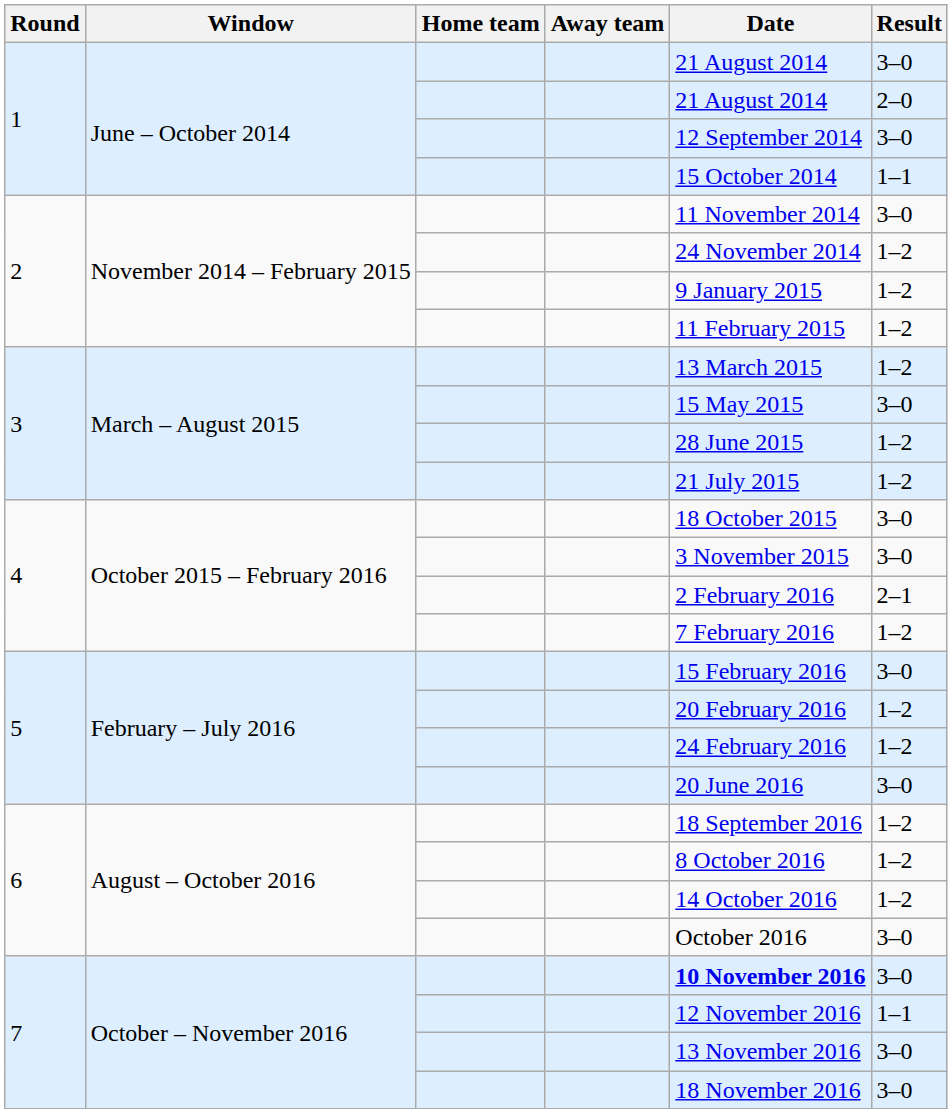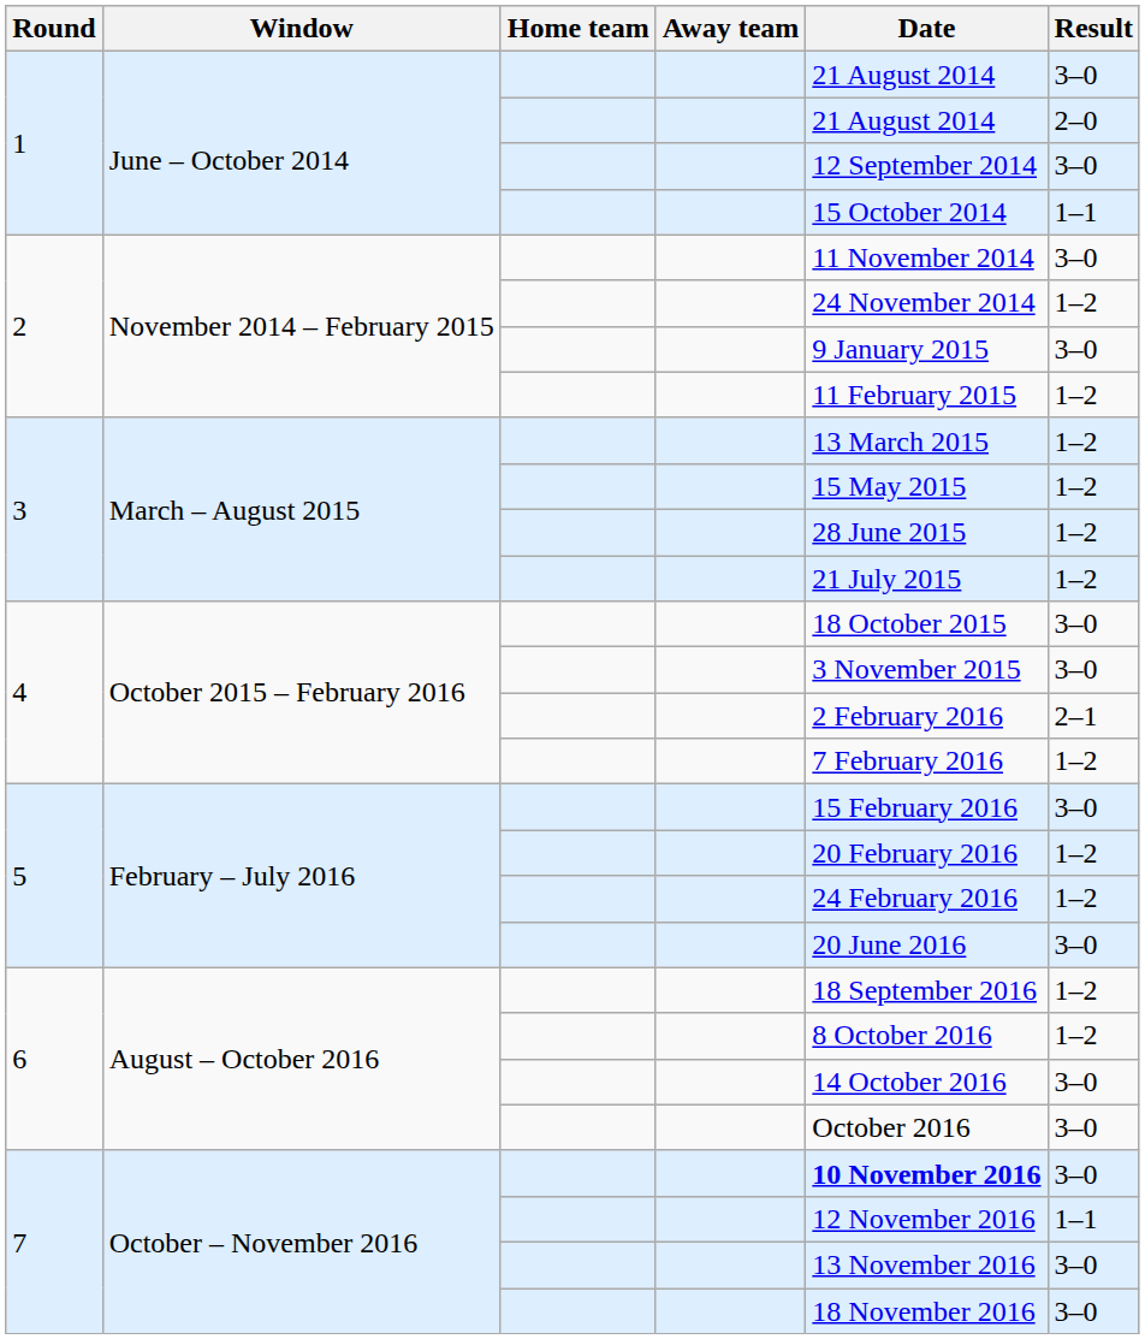 <table class="wikitable sortable">
 <tr>
 <th>Round</th>
 <th class="unsortable">Window</th>
 <th>Home team</th>
 <th>Away team</th>
 <th>Date</th>
 <th>Result</th>
 </tr>
 <tr style="background:#ddeeff">
 <td rowspan=4>1</td>
 <td rowspan=4><br>June – October 2014</td>
 <td></td>
 <td></td>
 <td><a href='#'>21 August 2014</a></td>
 <td>3–0</td>
 </tr>
 <tr style="background:#ddeeff">
 <td></td>
 <td></td>
 <td><a href='#'>21 August 2014</a></td>
 <td>2–0</td>
 </tr>
 <tr style="background:#ddeeff">
 <td></td>
 <td></td>
 <td><a href='#'>12 September 2014</a></td>
 <td>3–0</td>
 </tr>
 <tr style="background:#ddeeff">
 <td></td>
 <td></td>
 <td><a href='#'>15 October 2014</a></td>
 <td>1–1</td>
 </tr>
 <tr>
 <td rowspan=4>2</td>
 <td rowspan=4>November 2014 – February 2015</td>
 <td></td>
 <td></td>
 <td><a href='#'>11 November 2014</a></td>
 <td>3–0</td>
 </tr>
 <tr>
 <td></td>
 <td></td>
 <td><a href='#'>24 November 2014</a></td>
 <td>1–2</td>
 </tr>
 <tr>
 <td></td>
 <td></td>
 <td><a href='#'>9 January 2015</a></td>
-<td>1–2</td>
+<td>3–0</td>
 </tr>
 <tr>
 <td></td>
 <td></td>
 <td><a href='#'>11 February 2015</a></td>
 <td>1–2</td>
 </tr>
 <tr style="background:#ddeeff">
 <td rowspan=4>3</td>
 <td rowspan=4>March – August 2015</td>
 <td></td>
 <td></td>
 <td><a href='#'>13 March 2015</a></td>
 <td>1–2</td>
 </tr>
 <tr style="background:#ddeeff">
 <td></td>
 <td></td>
 <td><a href='#'>15 May 2015</a></td>
-<td>3–0</td>
+<td>1–2</td>
 </tr>
 <tr style="background:#ddeeff">
 <td></td>
 <td></td>
 <td><a href='#'>28 June 2015</a></td>
 <td>1–2</td>
 </tr>
 <tr style="background:#ddeeff">
 <td></td>
 <td></td>
 <td><a href='#'>21 July 2015</a></td>
 <td>1–2</td>
 </tr>
 <tr>
 <td rowspan=4>4</td>
 <td rowspan=4>October 2015 – February 2016</td>
 <td></td>
 <td></td>
 <td><a href='#'>18 October 2015</a></td>
 <td>3–0</td>
 </tr>
 <tr>
 <td></td>
 <td></td>
 <td><a href='#'>3 November 2015</a></td>
 <td>3–0</td>
 </tr>
 <tr>
 <td></td>
 <td></td>
 <td><a href='#'>2 February 2016</a></td>
 <td>2–1</td>
 </tr>
 <tr>
 <td></td>
 <td></td>
 <td><a href='#'>7 February 2016</a></td>
 <td>1–2</td>
 </tr>
 <tr style="background:#ddeeff">
 <td rowspan=4>5</td>
 <td rowspan=4>February – July 2016</td>
 <td></td>
 <td></td>
 <td><a href='#'>15 February 2016</a></td>
 <td>3–0</td>
 </tr>
 <tr style="background:#ddeeff">
 <td></td>
 <td></td>
 <td><a href='#'>20 February 2016</a></td>
 <td>1–2</td>
 </tr>
 <tr style="background:#ddeeff">
 <td></td>
 <td></td>
 <td><a href='#'>24 February 2016</a></td>
 <td>1–2</td>
 </tr>
 <tr style="background:#ddeeff">
 <td></td>
 <td></td>
 <td><a href='#'>20 June 2016</a></td>
 <td>3–0</td>
 </tr>
 <tr>
 <td rowspan=4>6</td>
 <td rowspan=4>August – October  2016</td>
 <td></td>
 <td></td>
 <td><a href='#'>18 September 2016</a></td>
 <td>1–2</td>
 </tr>
 <tr>
 <td></td>
 <td></td>
 <td><a href='#'>8 October 2016</a></td>
 <td>1–2</td>
 </tr>
 <tr>
 <td></td>
 <td></td>
 <td><a href='#'>14 October 2016</a></td>
-<td>1–2</td>
+<td>3–0</td>
 </tr>
 <tr>
 <td></td>
 <td></td>
 <td>October 2016</td>
 <td>3–0</td>
 </tr>
 <tr style="background:#ddeeff">
 <td rowspan=4>7</td>
 <td rowspan=4>October – November 2016</td>
 <td></td>
 <td></td>
 <td><strong><a href='#'>10 November 2016</a></strong></td>
 <td>3–0</td>
 </tr>
 <tr style="background:#ddeeff">
 <td></td>
 <td></td>
 <td><a href='#'>12 November 2016</a></td>
 <td>1–1</td>
 </tr>
 <tr style="background:#ddeeff">
 <td></td>
 <td></td>
 <td><a href='#'>13 November 2016</a></td>
 <td>3–0</td>
 </tr>
 <tr style="background:#ddeeff">
 <td></td>
 <td></td>
 <td><a href='#'>18 November 2016</a></td>
 <td>3–0</td>
 </tr>
 </table>
